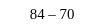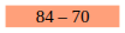 <table style="text-align:center">
 <tr>
 <th width=200></th>
 <th width=100></th>
 <th width=200></th>
 <th></th>
 </tr>
 <tr>
 <td align=right><strong></strong></td>
-<td>84 – 70</td>
+<td style="background: lightsalmon;">84 – 70</td>
 <td align=left></td>
 </tr>
 </table>
